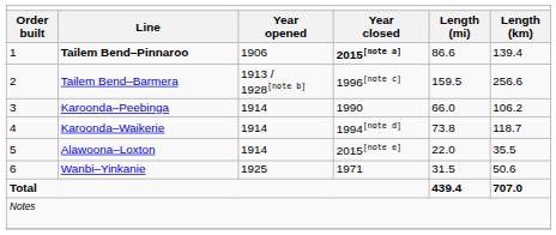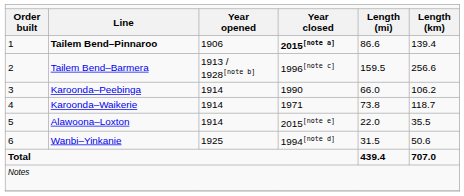 <table class="wikitable vertical-align-top floatright mw-collapsible mw-collapsed" border= "1" style= "width:50%; font-size: 86%; float:right; margin-left:2em; margin-right:2em; margin-bottom:2em">
 <tr>
 <td colspan="6"></td>
 </tr>
 <tr>
 <th scope="col">Order<br>built</th>
 <th scope="col">Line</th>
 <th scope="col">Year<br>opened</th>
 <th scope="col">Year<br>closed</th>
 <th scope="col">Length<br>(mi)</th>
 <th scope="col">Length<br>(km)</th>
 </tr>
 <tr>
 <td>1</td>
 <td><strong>Tailem Bend–Pinnaroo</strong></td>
 <td>1906</td>
 <td><strong>2015<sup><kbd><span>[note a]</span></kbd></sup></strong></td>
 <td>86.6</td>
 <td>139.4</td>
 </tr>
 <tr>
 <td>2</td>
 <td><a href='#'>Tailem Bend–Barmera</a></td>
 <td>1913 /<br>1928<sup><kbd><span>[note b]</span></kbd></sup></td>
 <td>1996<sup><kbd><span>[note c]</span></kbd></sup></td>
 <td>159.5</td>
 <td>256.6</td>
 </tr>
 <tr>
 <td>3</td>
 <td><a href='#'>Karoonda–Peebinga</a></td>
 <td>1914</td>
 <td>1990</td>
 <td>66.0</td>
 <td>106.2</td>
 </tr>
 <tr>
 <td>4</td>
 <td><a href='#'>Karoonda–Waikerie</a></td>
 <td>1914</td>
-<td>1994<sup><kbd><span>[note d]</span></kbd></sup></td>
+<td>1971</td>
 <td>73.8</td>
 <td>118.7</td>
 </tr>
 <tr>
 <td>5</td>
 <td><a href='#'>Alawoona–Loxton</a></td>
 <td>1914</td>
 <td>2015<sup><kbd><span>[note e]</span></kbd></sup></td>
 <td>22.0</td>
 <td>35.5</td>
 </tr>
 <tr>
 <td>6</td>
 <td><a href='#'>Wanbi–Yinkanie</a></td>
 <td>1925</td>
-<td>1971</td>
+<td>1994<sup><kbd><span>[note d]</span></kbd></sup></td>
 <td>31.5</td>
 <td>50.6</td>
 </tr>
 <tr>
 <td colspan="4"><strong>Total</strong></td>
 <td><strong>439.4</strong></td>
 <td><strong>707.0</strong></td>
 </tr>
 <tr>
 <td colspan="6"><small><em>Notes</em><br></small><br></td>
 </tr>
 <tr>
 </tr>
 </table>
